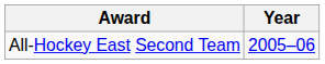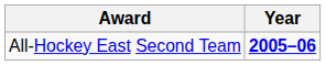 <table class="wikitable">
 <tr>
 <th>Award</th>
 <th>Year</th>
 </tr>
 <tr>
 <td>All-<a href='#'>Hockey East</a> <a href='#'>Second Team</a></td>
-<td><a href='#'>2005–06</a></td>
+<td><strong><a href='#'>2005–06</a></strong></td>
 </tr>
 </table>
